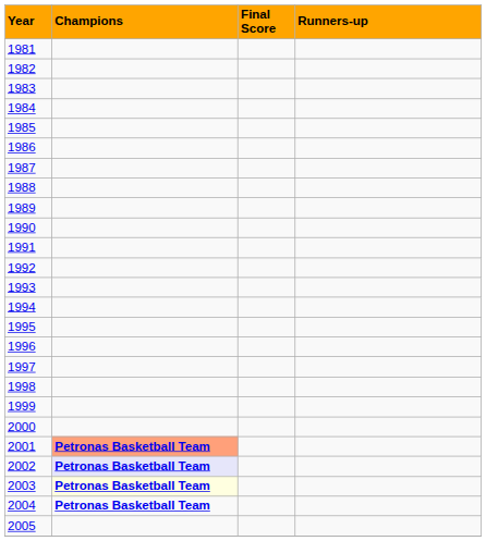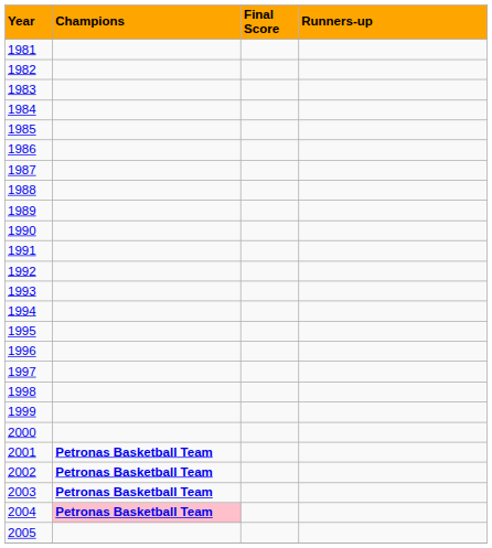 <table class="wikitable">
 <tr bgcolor=#ffa500 style="vertical-align: middle;">
 <td width=5%><strong>Year</strong></td>
 <td width=25%><strong>Champions</strong></td>
 <td width=6%><strong>Final Score</strong></td>
 <td width=25%><strong>Runners-up</strong></td>
 </tr>
 <tr>
 <td><a href='#'>1981</a></td>
 <td></td>
 <td></td>
 <td></td>
 </tr>
 <tr>
 <td><a href='#'>1982</a></td>
 <td></td>
 <td></td>
 <td></td>
 </tr>
 <tr>
 <td><a href='#'>1983</a></td>
 <td></td>
 <td></td>
 <td></td>
 </tr>
 <tr>
 <td><a href='#'>1984</a></td>
 <td></td>
 <td></td>
 <td></td>
 </tr>
 <tr>
 <td><a href='#'>1985</a></td>
 <td></td>
 <td></td>
 <td></td>
 </tr>
 <tr>
 <td><a href='#'>1986</a></td>
 <td></td>
 <td></td>
 <td></td>
 </tr>
 <tr>
 <td><a href='#'>1987</a></td>
 <td></td>
 <td></td>
 <td></td>
 </tr>
 <tr>
 <td><a href='#'>1988</a></td>
 <td></td>
 <td></td>
 <td></td>
 </tr>
 <tr>
 <td><a href='#'>1989</a></td>
 <td></td>
 <td></td>
 <td></td>
 </tr>
 <tr>
 <td><a href='#'>1990</a></td>
 <td></td>
 <td></td>
 <td></td>
 </tr>
 <tr>
 <td><a href='#'>1991</a></td>
 <td></td>
 <td></td>
 <td></td>
 </tr>
 <tr>
 <td><a href='#'>1992</a></td>
 <td></td>
 <td></td>
 <td></td>
 </tr>
 <tr>
 <td><a href='#'>1993</a></td>
 <td></td>
 <td></td>
 <td></td>
 </tr>
 <tr>
 <td><a href='#'>1994</a></td>
 <td></td>
 <td></td>
 <td></td>
 </tr>
 <tr>
 <td><a href='#'>1995</a></td>
 <td></td>
 <td></td>
 <td></td>
 </tr>
 <tr>
 <td><a href='#'>1996</a></td>
 <td></td>
 <td></td>
 <td></td>
 </tr>
 <tr>
 <td><a href='#'>1997</a></td>
 <td></td>
 <td></td>
 <td></td>
 </tr>
 <tr>
 <td><a href='#'>1998</a></td>
 <td></td>
 <td></td>
 <td></td>
 </tr>
 <tr>
 <td><a href='#'>1999</a></td>
 <td></td>
 <td></td>
 <td></td>
 </tr>
 <tr>
 <td><a href='#'>2000</a></td>
 <td></td>
 <td></td>
 <td></td>
 </tr>
 <tr>
 <td><a href='#'>2001</a></td>
-<td style="background: lightsalmon;"> <strong><a href='#'>Petronas Basketball Team</a></strong></td>
+<td> <strong><a href='#'>Petronas Basketball Team</a></strong></td>
 <td></td>
 <td></td>
 </tr>
 <tr>
 <td><a href='#'>2002</a></td>
-<td style="background: lavender;"> <strong><a href='#'>Petronas Basketball Team</a></strong></td>
+<td> <strong><a href='#'>Petronas Basketball Team</a></strong></td>
 <td></td>
 <td></td>
 </tr>
 <tr>
 <td><a href='#'>2003</a></td>
-<td style="background: lightyellow;"> <strong><a href='#'>Petronas Basketball Team</a></strong></td>
+<td> <strong><a href='#'>Petronas Basketball Team</a></strong></td>
 <td></td>
 <td></td>
 </tr>
 <tr>
 <td><a href='#'>2004</a></td>
-<td> <strong><a href='#'>Petronas Basketball Team</a></strong></td>
+<td style="background: pink;"> <strong><a href='#'>Petronas Basketball Team</a></strong></td>
 <td></td>
 <td></td>
 </tr>
 <tr>
 <td><a href='#'>2005</a></td>
 <td></td>
 <td></td>
 <td></td>
 </tr>
 <tr>
 </tr>
 </table>
